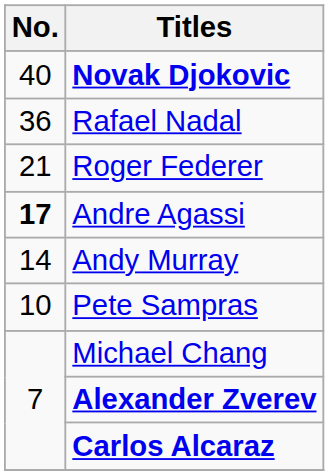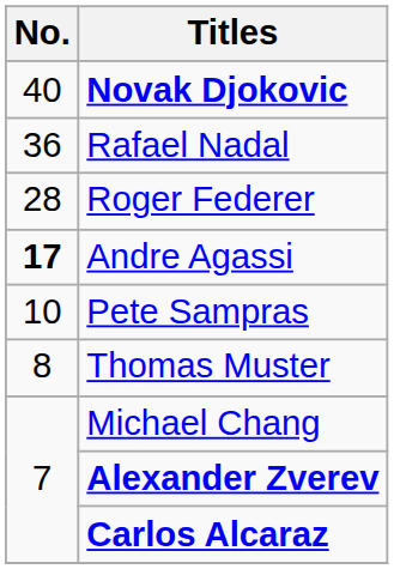 <table class="wikitable nowrap" style="text-align:left; display:inline-table">
 <tr>
 <th scope="col" style="width:20">No.</th>
 <th>Titles</th>
 </tr>
 <tr>
 <td style="text-align:center;">40</td>
 <td> <strong><a href='#'>Novak Djokovic</a></strong></td>
 </tr>
 <tr>
 <td style="text-align:center;">36</td>
 <td> <a href='#'>Rafael Nadal</a></td>
 </tr>
 <tr>
-<td style="text-align:center;">21</td>
+<td style="text-align:center;">28</td>
 <td> <a href='#'>Roger Federer</a></td>
 </tr>
 <tr>
 <td style="text-align:center;"><strong>17</strong></td>
 <td> <a href='#'>Andre Agassi</a></td>
 </tr>
 <tr>
-<td style="text-align:center;">14</td>
-<td> <a href='#'>Andy Murray</a></td>
+<td style="text-align:center;">10</td>
+<td> <a href='#'>Pete Sampras</a></td>
 </tr>
 <tr>
-<td style="text-align:center;">10</td>
-<td> <a href='#'>Pete Sampras</a></td>
+<td style="text-align:center;">8</td>
+<td> <a href='#'>Thomas Muster</a></td>
 </tr>
 <tr>
 <td rowspan="3" style="text-align:center;">7</td>
 <td> <a href='#'>Michael Chang</a></td>
 </tr>
 <tr>
 <td> <strong><a href='#'>Alexander Zverev</a></strong></td>
 </tr>
 <tr>
 <td> <strong><a href='#'>Carlos Alcaraz</a></strong></td>
 </tr>
 <tr>
 </tr>
 </table>
